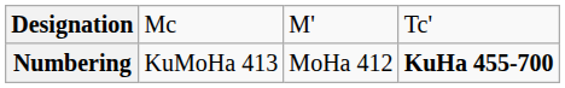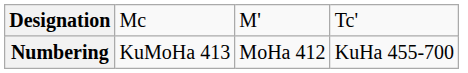 <table class="wikitable">
 <tr>
 <th>Designation</th>
 <td>Mc</td>
 <td>M'</td>
 <td>Tc'</td>
 </tr>
 <tr>
 <th>Numbering</th>
 <td>KuMoHa 413</td>
 <td>MoHa 412</td>
-<td><strong>KuHa 455-700</strong></td>
+<td>KuHa 455-700</td>
 </tr>
 </table>
